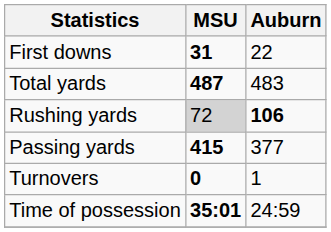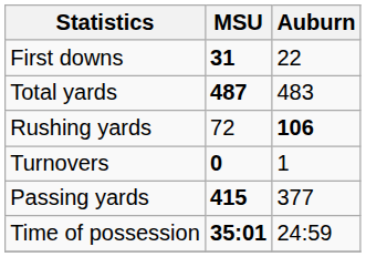 <table class="wikitable" style="float: left;">
 <tr>
 <th>Statistics</th>
 <th>MSU</th>
 <th>Auburn</th>
 </tr>
 <tr>
 <td>First downs</td>
 <td><strong>31</strong></td>
 <td>22</td>
 </tr>
 <tr>
 <td>Total yards</td>
 <td><strong>487</strong></td>
 <td>483</td>
 </tr>
 <tr>
 <td>Rushing yards</td>
-<td style="background: lightgrey;">72</td>
+<td>72</td>
 <td><strong>106</strong></td>
+</tr>
+<tr>
+<td>Turnovers</td>
+<td><strong>0</strong></td>
+<td>1</td>
 </tr>
 <tr>
 <td>Passing yards</td>
 <td><strong>415</strong></td>
 <td>377</td>
-</tr>
-<tr>
-<td>Turnovers</td>
-<td><strong>0</strong></td>
-<td>1</td>
 </tr>
 <tr>
 <td>Time of possession</td>
 <td><strong>35:01</strong></td>
 <td>24:59</td>
 </tr>
 <tr>
 </tr>
 </table>
